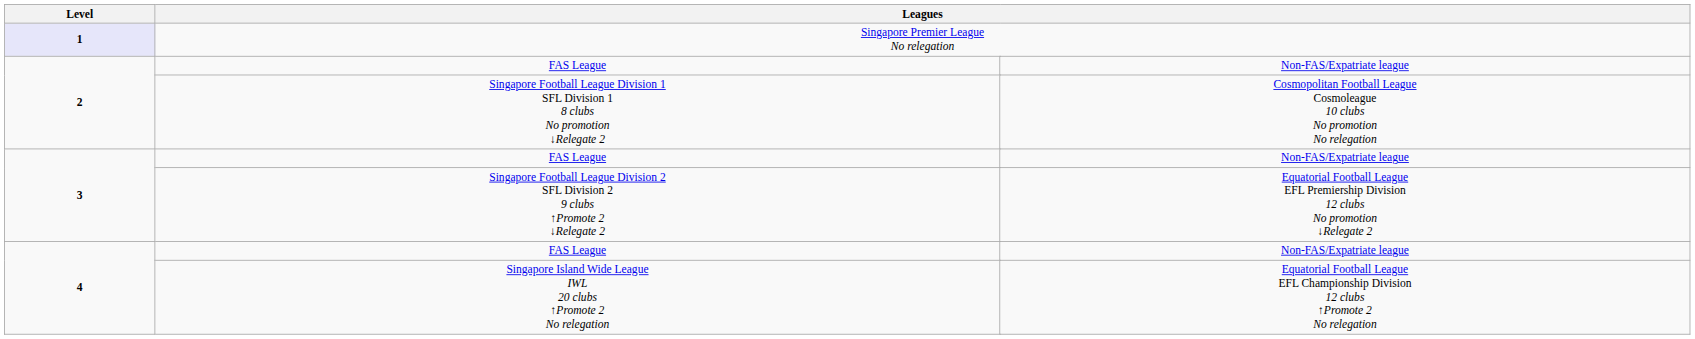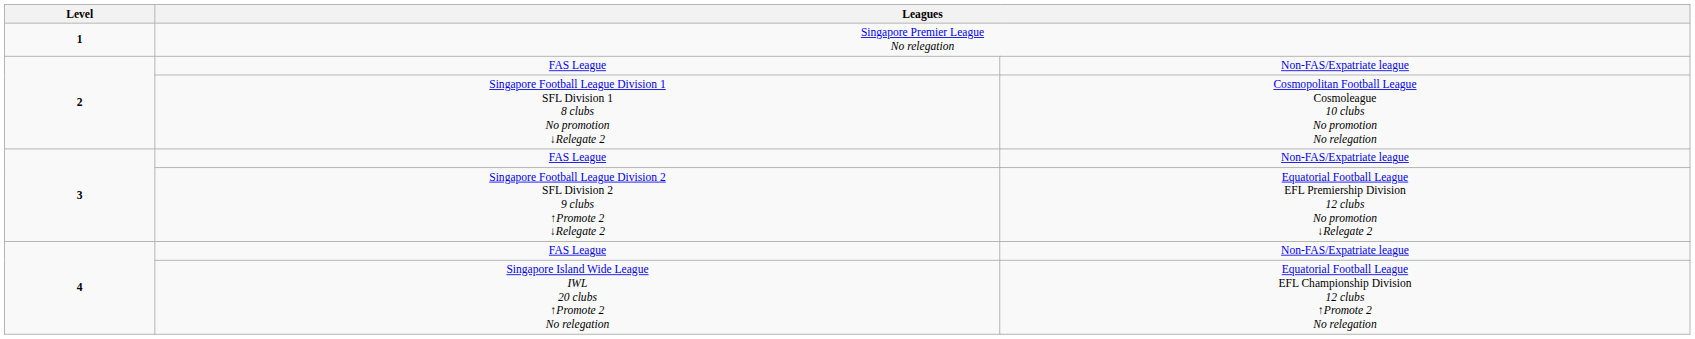 <table class="wikitable" style="text-align: center; font-size: 85%;" width="100%;">
 <tr>
 <th>Level</th>
 <th colspan=17>Leagues</th>
 </tr>
 <tr>
-<td style="background: lavender;"><strong>1</strong></td>
+<td><strong>1</strong></td>
 <td colspan="14"><a href='#'>Singapore Premier League</a><br><em>No relegation</em></td>
 </tr>
 <tr>
 <td rowspan="2"><strong>2</strong></td>
 <td colspan="12"><a href='#'>FAS League</a></td>
 <td colspan="2"><a href='#'>Non-FAS/Expatriate league</a></td>
 </tr>
 <tr>
 <td colspan="12"><a href='#'>Singapore Football League Division 1</a><br>SFL Division 1<br><em>8 clubs</em><br><em>No promotion</em><br>↓<em>Relegate 2</em></td>
 <td colspan="2"><a href='#'>Cosmopolitan Football League</a><br>Cosmoleague<br><em>10 clubs</em><br><em>No promotion</em><br><em>No relegation</em></td>
 </tr>
 <tr>
 <td rowspan="2"><strong>3</strong></td>
 <td colspan="12"><a href='#'>FAS League</a></td>
 <td colspan="2"><a href='#'>Non-FAS/Expatriate league</a></td>
 </tr>
 <tr>
 <td colspan="12"><a href='#'>Singapore Football League Division 2</a><br>SFL Division 2<br><em>9 clubs</em><br>↑<em>Promote 2</em><br>↓<em>Relegate 2</em></td>
 <td colspan="2"><a href='#'>Equatorial Football League</a><br>EFL Premiership Division<br><em>12 clubs</em><br><em>No promotion</em><br>↓<em>Relegate 2</em></td>
 </tr>
 <tr>
 <td rowspan="2"><strong>4</strong></td>
 <td colspan="12"><a href='#'>FAS League</a></td>
 <td colspan="2"><a href='#'>Non-FAS/Expatriate league</a></td>
 </tr>
 <tr>
 <td colspan="12"><a href='#'>Singapore Island Wide League</a><br><em>IWL</em><br><em>20 clubs</em><br>↑<em>Promote 2</em><br><em>No relegation</em></td>
 <td colspan="2"><a href='#'>Equatorial Football League</a><br>EFL Championship Division<br><em>12 clubs</em><br>↑<em>Promote 2</em><br><em>No relegation</em></td>
 </tr>
 </table>
